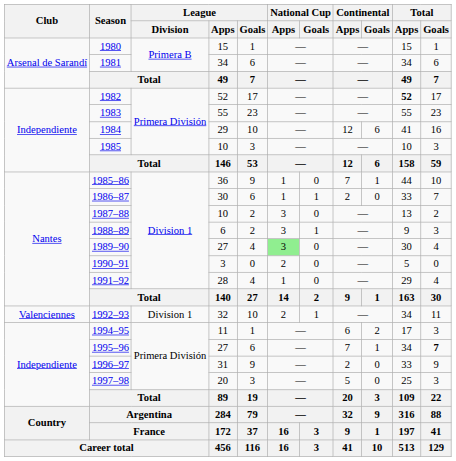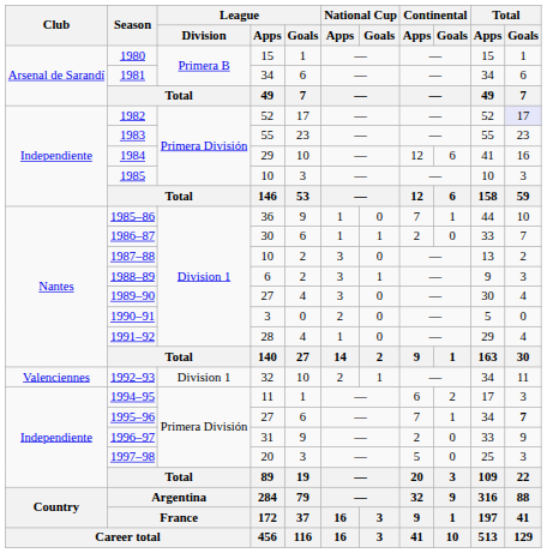 <table class="wikitable" style="text-align:center">
 <tr>
 <th rowspan="2">Club</th>
 <th rowspan="2">Season</th>
 <th colspan="3">League</th>
 <th colspan="2">National Cup</th>
 <th colspan="2">Continental</th>
 <th colspan="2">Total</th>
 </tr>
 <tr>
 <th>Division</th>
 <th>Apps</th>
 <th>Goals</th>
 <th>Apps</th>
 <th>Goals</th>
 <th>Apps</th>
 <th>Goals</th>
 <th>Apps</th>
 <th>Goals</th>
 </tr>
 <tr>
 <td rowspan="3"><a href='#'>Arsenal de Sarandí</a></td>
 <td><a href='#'>1980</a></td>
 <td rowspan="2"><a href='#'>Primera B</a></td>
 <td>15</td>
 <td>1</td>
 <td colspan="2">—</td>
 <td colspan="2">—</td>
 <td>15</td>
 <td>1</td>
 </tr>
 <tr>
 <td><a href='#'>1981</a></td>
 <td>34</td>
 <td>6</td>
 <td colspan="2">—</td>
 <td colspan="2">—</td>
 <td>34</td>
 <td>6</td>
 </tr>
 <tr>
 <th colspan="2">Total</th>
 <th>49</th>
 <th>7</th>
 <th colspan="2">—</th>
 <th colspan="2">—</th>
 <th>49</th>
 <th>7</th>
 </tr>
 <tr>
 <td rowspan="5"><a href='#'>Independiente</a></td>
 <td><a href='#'>1982</a></td>
 <td rowspan="4"><a href='#'>Primera División</a></td>
 <td>52</td>
 <td>17</td>
 <td colspan="2">—</td>
 <td colspan="2">—</td>
-<td><strong>52</strong></td>
-<td>17</td>
+<td>52</td>
+<td style="background: lavender;">17</td>
 </tr>
 <tr>
 <td><a href='#'>1983</a></td>
 <td>55</td>
 <td>23</td>
 <td colspan="2">—</td>
 <td colspan="2">—</td>
 <td>55</td>
 <td>23</td>
 </tr>
 <tr>
 <td><a href='#'>1984</a></td>
 <td>29</td>
 <td>10</td>
 <td colspan="2">—</td>
 <td>12</td>
 <td>6</td>
 <td>41</td>
 <td>16</td>
 </tr>
 <tr>
 <td><a href='#'>1985</a></td>
 <td>10</td>
 <td>3</td>
 <td colspan="2">—</td>
 <td colspan="2">—</td>
 <td>10</td>
 <td>3</td>
 </tr>
 <tr>
 <th colspan="2">Total</th>
 <th>146</th>
 <th>53</th>
 <th colspan="2">—</th>
 <th>12</th>
 <th>6</th>
 <th>158</th>
 <th>59</th>
 </tr>
 <tr>
 <td rowspan="8"><a href='#'>Nantes</a></td>
 <td><a href='#'>1985–86</a></td>
 <td rowspan="7"><a href='#'>Division 1</a></td>
 <td>36</td>
 <td>9</td>
 <td>1</td>
 <td>0</td>
 <td>7</td>
 <td>1</td>
 <td>44</td>
 <td>10</td>
 </tr>
 <tr>
 <td><a href='#'>1986–87</a></td>
 <td>30</td>
 <td>6</td>
 <td>1</td>
 <td>1</td>
 <td>2</td>
 <td>0</td>
 <td>33</td>
 <td>7</td>
 </tr>
 <tr>
 <td><a href='#'>1987–88</a></td>
 <td>10</td>
 <td>2</td>
 <td>3</td>
 <td>0</td>
 <td colspan="2">—</td>
 <td>13</td>
 <td>2</td>
 </tr>
 <tr>
 <td><a href='#'>1988–89</a></td>
 <td>6</td>
 <td>2</td>
 <td>3</td>
 <td>1</td>
 <td colspan="2">—</td>
 <td>9</td>
 <td>3</td>
 </tr>
 <tr>
 <td><a href='#'>1989–90</a></td>
 <td>27</td>
 <td>4</td>
-<td style="background: lightgreen;">3</td>
+<td>3</td>
 <td>0</td>
 <td colspan="2">—</td>
 <td>30</td>
 <td>4</td>
 </tr>
 <tr>
 <td><a href='#'>1990–91</a></td>
 <td>3</td>
 <td>0</td>
 <td>2</td>
 <td>0</td>
 <td colspan="2">—</td>
 <td>5</td>
 <td>0</td>
 </tr>
 <tr>
 <td><a href='#'>1991–92</a></td>
 <td>28</td>
 <td>4</td>
 <td>1</td>
 <td>0</td>
 <td colspan="2">—</td>
 <td>29</td>
 <td>4</td>
 </tr>
 <tr>
 <th colspan="2">Total</th>
 <th>140</th>
 <th>27</th>
 <th>14</th>
 <th>2</th>
 <th>9</th>
 <th>1</th>
 <th>163</th>
 <th>30</th>
 </tr>
 <tr>
 <td><a href='#'>Valenciennes</a></td>
 <td><a href='#'>1992–93</a></td>
 <td>Division 1</td>
 <td>32</td>
 <td>10</td>
 <td>2</td>
 <td>1</td>
 <td colspan="2">—</td>
 <td>34</td>
 <td>11</td>
 </tr>
 <tr>
 <td rowspan="5"><a href='#'>Independiente</a></td>
 <td><a href='#'>1994–95</a></td>
 <td rowspan="4">Primera División</td>
 <td>11</td>
 <td>1</td>
 <td colspan="2">—</td>
 <td>6</td>
 <td>2</td>
 <td>17</td>
 <td>3</td>
 </tr>
 <tr>
 <td><a href='#'>1995–96</a></td>
 <td>27</td>
 <td>6</td>
 <td colspan="2">—</td>
 <td>7</td>
 <td>1</td>
 <td>34</td>
 <td><strong>7</strong></td>
 </tr>
 <tr>
 <td><a href='#'>1996–97</a></td>
 <td>31</td>
 <td>9</td>
 <td colspan="2">—</td>
 <td>2</td>
 <td>0</td>
 <td>33</td>
 <td>9</td>
 </tr>
 <tr>
 <td><a href='#'>1997–98</a></td>
 <td>20</td>
 <td>3</td>
 <td colspan="2">—</td>
 <td>5</td>
 <td>0</td>
 <td>25</td>
 <td>3</td>
 </tr>
 <tr>
 <th colspan="2">Total</th>
 <th>89</th>
 <th>19</th>
 <th colspan="2">—</th>
 <th>20</th>
 <th>3</th>
 <th>109</th>
 <th>22</th>
 </tr>
 <tr>
 <th rowspan=2>Country</th>
 <th colspan=2>Argentina</th>
 <th>284</th>
 <th>79</th>
 <th colspan="2">—</th>
 <th>32</th>
 <th>9</th>
 <th>316</th>
 <th>88</th>
 </tr>
 <tr>
 <th colspan=2>France</th>
 <th>172</th>
 <th>37</th>
 <th>16</th>
 <th>3</th>
 <th>9</th>
 <th>1</th>
 <th>197</th>
 <th>41</th>
 </tr>
 <tr>
 <th colspan="3">Career total</th>
 <th>456</th>
 <th>116</th>
 <th>16</th>
 <th>3</th>
 <th>41</th>
 <th>10</th>
 <th>513</th>
 <th>129</th>
 </tr>
 </table>
